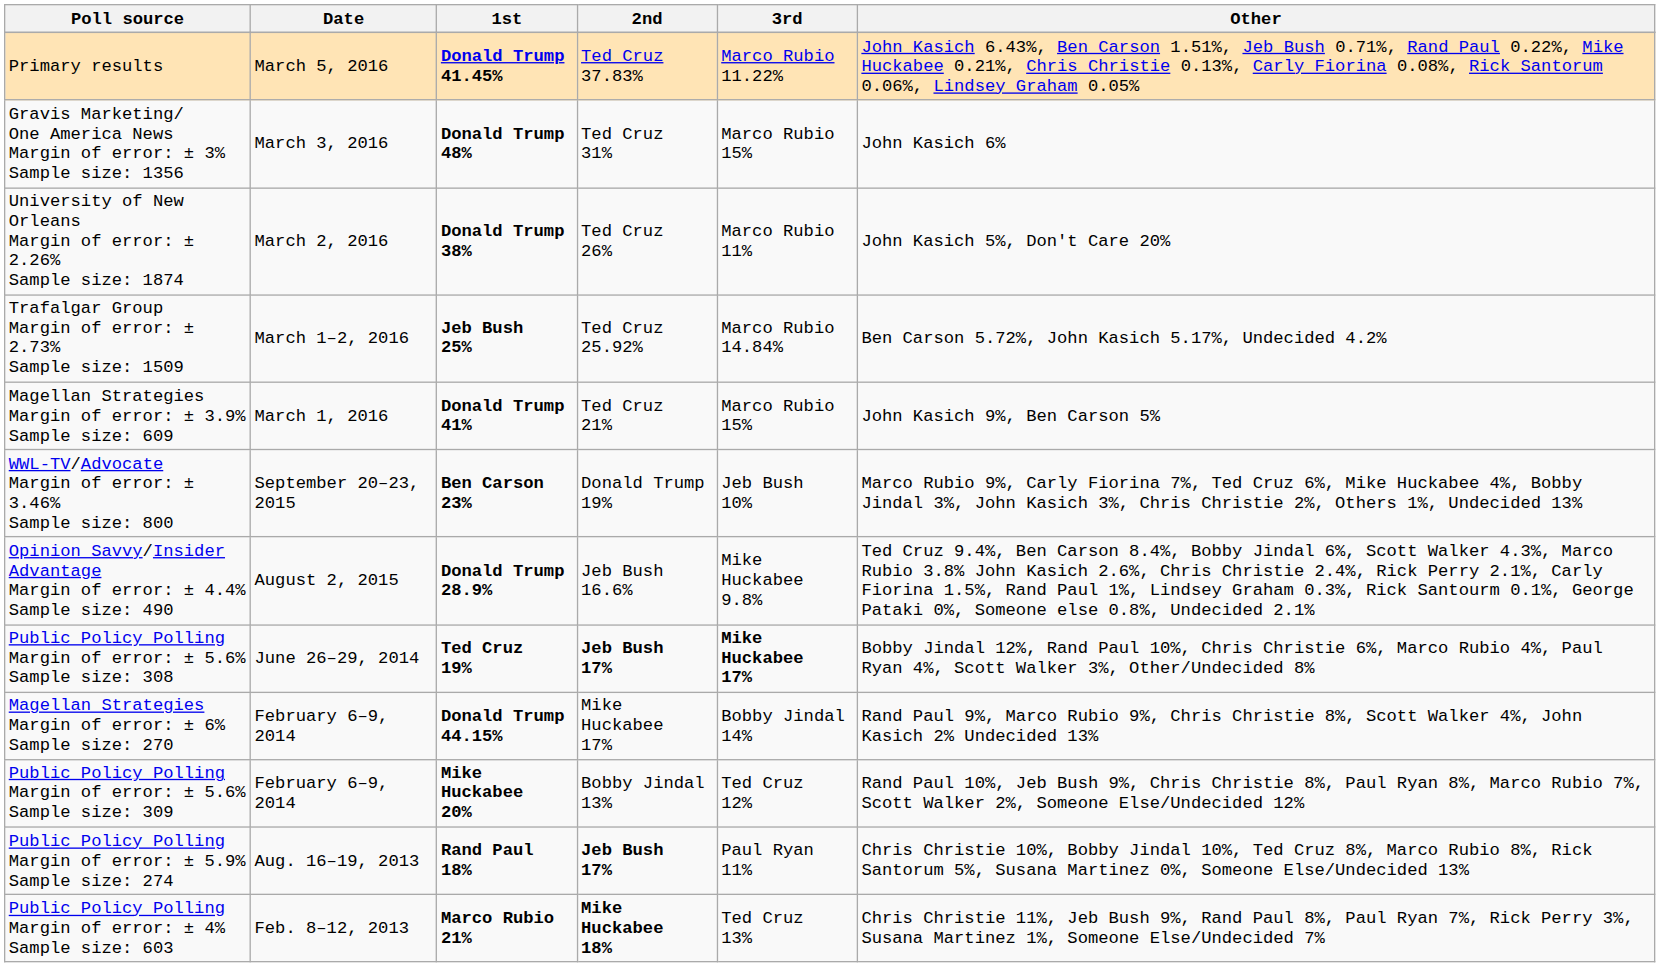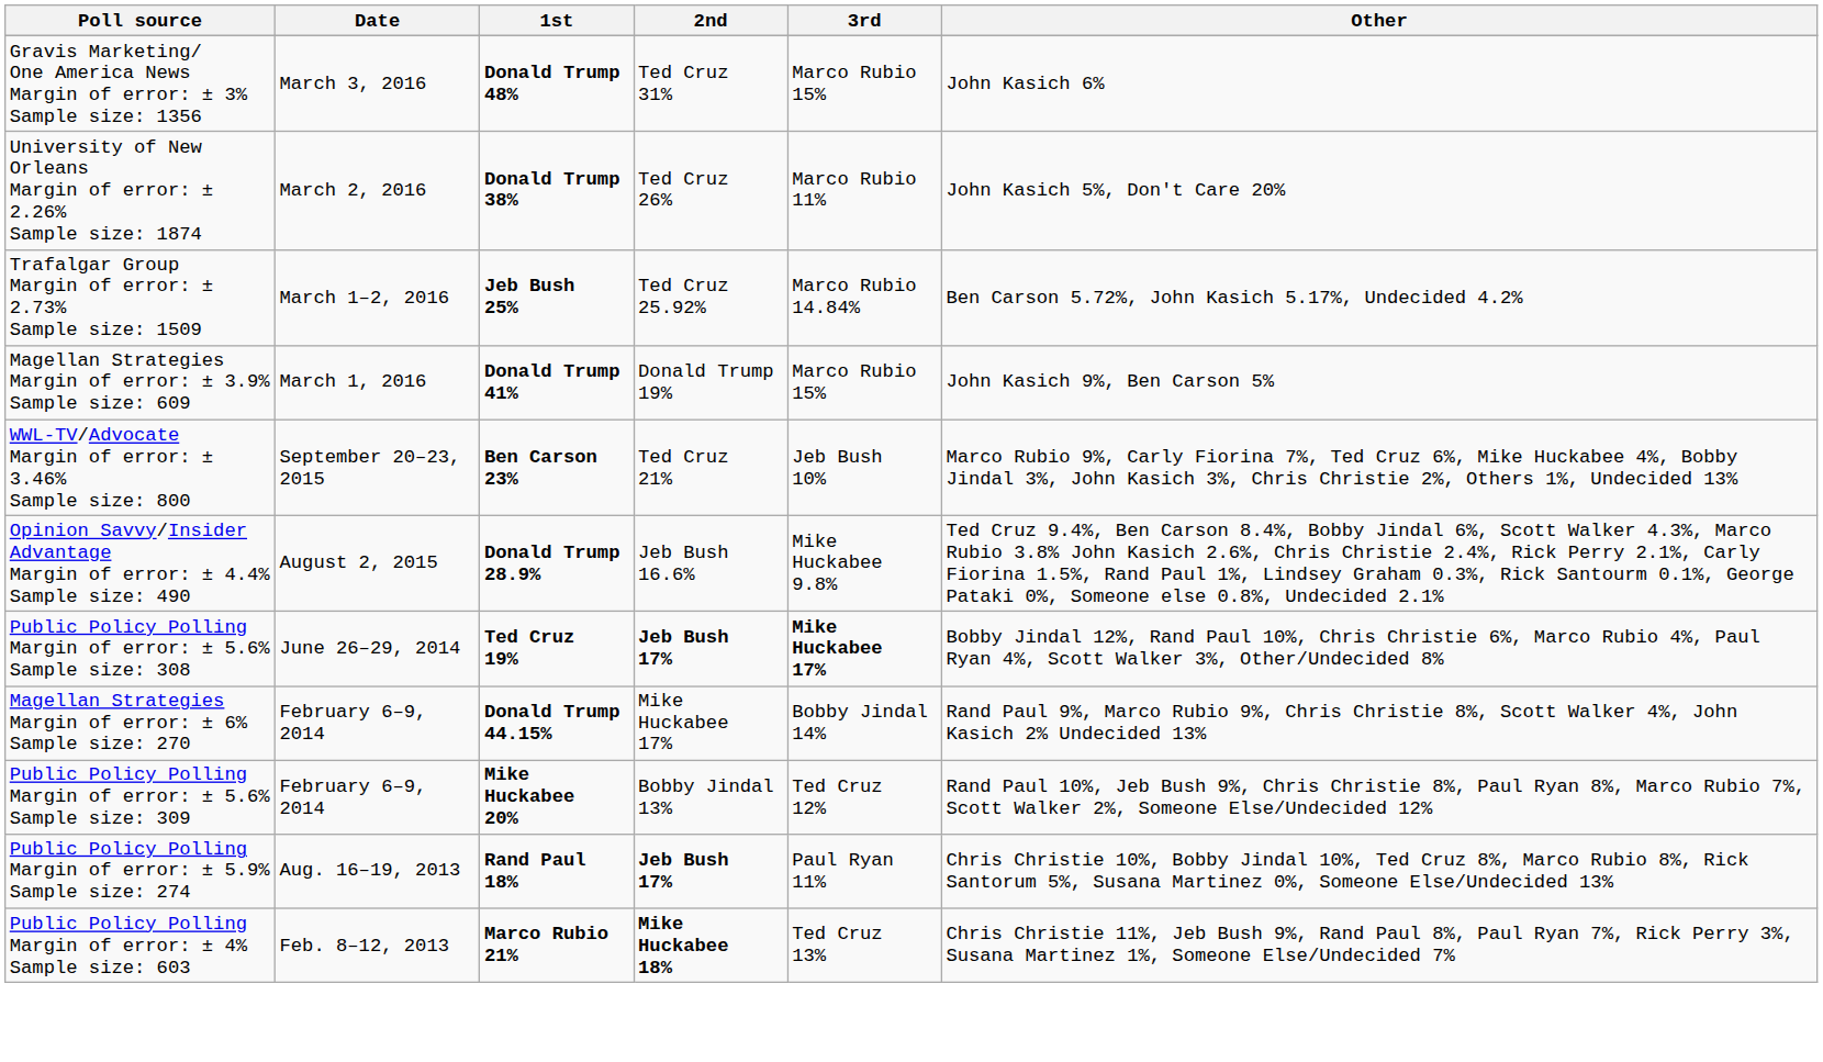 <table class="wikitable">
 <tr>
 <th style="width:180px;">Poll source</th>
 <th style="width:135px;">Date</th>
 <th style="width:100px;">1st</th>
 <th style="width:100px;">2nd</th>
 <th style="width:100px;">3rd</th>
 <th>Other</th>
 </tr>
 <tr>
-</tr>
-<tr style="background:Moccasin;">
-<td>Primary results</td>
-<td>March 5, 2016</td>
-<td><strong><a href='#'>Donald Trump</a><br>41.45%</strong></td>
-<td><a href='#'>Ted Cruz</a><br>37.83%</td>
-<td><a href='#'>Marco Rubio</a><br>11.22%</td>
-<td><a href='#'>John Kasich</a> 6.43%, <a href='#'>Ben Carson</a> 1.51%, <a href='#'>Jeb Bush</a> 0.71%, <a href='#'>Rand Paul</a> 0.22%, <a href='#'>Mike Huckabee</a> 0.21%, <a href='#'>Chris Christie</a> 0.13%, <a href='#'>Carly Fiorina</a> 0.08%, <a href='#'>Rick Santorum</a> 0.06%, <a href='#'>Lindsey Graham</a> 0.05%</td>
 </tr>
 <tr>
 <td>Gravis Marketing/<br>One America News<br>Margin of error: ± 3% <br>Sample size: 1356</td>
 <td>March 3, 2016</td>
 <td><strong>Donald Trump<br>48%</strong></td>
 <td>Ted Cruz<br>31%</td>
 <td>Marco Rubio<br>15%</td>
 <td>John Kasich 6%</td>
 </tr>
 <tr>
 <td>University of New Orleans<br>Margin of error: ± 2.26% <br>Sample size: 1874</td>
 <td>March 2, 2016</td>
 <td><strong>Donald Trump<br>38%</strong></td>
 <td>Ted Cruz<br>26%</td>
 <td>Marco Rubio<br>11%</td>
 <td>John Kasich 5%, Don't Care 20%</td>
 </tr>
 <tr>
 <td>Trafalgar Group<br>Margin of error: ± 2.73% <br>Sample size: 1509</td>
 <td>March 1–2, 2016</td>
 <td><strong>Jeb Bush<br>25%</strong></td>
 <td>Ted Cruz<br>25.92%</td>
 <td>Marco Rubio<br>14.84%</td>
 <td>Ben Carson 5.72%, John Kasich 5.17%, Undecided 4.2%</td>
 </tr>
 <tr>
 <td>Magellan Strategies<br>Margin of error: ± 3.9% <br>Sample size: 609</td>
 <td>March 1, 2016</td>
 <td><strong>Donald Trump<br>41%</strong></td>
-<td>Ted Cruz<br>21%</td>
+<td>Donald Trump 19%</td>
 <td>Marco Rubio<br>15%</td>
 <td>John Kasich 9%, Ben Carson 5%</td>
 </tr>
 <tr>
 <td><a href='#'>WWL-TV</a>/<a href='#'>Advocate</a><br>Margin of error: ± 3.46% <br>Sample size: 800</td>
 <td>September 20–23, 2015</td>
 <td><strong>Ben Carson<br>23%</strong></td>
-<td>Donald Trump 19%</td>
+<td>Ted Cruz<br>21%</td>
 <td>Jeb Bush<br>10%</td>
 <td>Marco Rubio 9%, Carly Fiorina 7%, Ted Cruz 6%, Mike Huckabee 4%, Bobby Jindal 3%, John Kasich 3%, Chris Christie 2%, Others 1%, Undecided 13%</td>
 </tr>
 <tr>
 <td><a href='#'>Opinion Savvy</a>/<a href='#'>Insider Advantage</a><br>Margin of error: ± 4.4% <br>Sample size: 490</td>
 <td>August 2, 2015</td>
 <td><strong>Donald Trump<br>28.9%</strong></td>
 <td>Jeb Bush<br>16.6%</td>
 <td>Mike Huckabee<br>9.8%</td>
 <td>Ted Cruz 9.4%, Ben Carson 8.4%, Bobby Jindal 6%, Scott Walker 4.3%, Marco Rubio 3.8% John Kasich 2.6%, Chris Christie 2.4%, Rick Perry 2.1%, Carly Fiorina 1.5%, Rand Paul 1%, Lindsey Graham 0.3%, Rick Santourm 0.1%, George Pataki 0%, Someone else 0.8%, Undecided 2.1%</td>
 </tr>
 <tr>
 <td><a href='#'>Public Policy Polling</a><br>Margin of error: ± 5.6% <br>Sample size: 308</td>
 <td>June 26–29, 2014</td>
 <td><strong>Ted Cruz<br>19%</strong></td>
 <td><strong>Jeb Bush<br>17%</strong></td>
 <td><strong>Mike Huckabee<br>17%</strong></td>
 <td>Bobby Jindal 12%, Rand Paul 10%, Chris Christie 6%, Marco Rubio 4%, Paul Ryan 4%, Scott Walker 3%, Other/Undecided 8%</td>
 </tr>
 <tr>
 <td><a href='#'>Magellan Strategies</a><br>Margin of error: ± 6% <br>Sample size: 270</td>
 <td>February 6–9, 2014</td>
 <td><strong>Donald Trump<br>44.15%</strong></td>
 <td>Mike Huckabee<br>17%</td>
 <td>Bobby Jindal<br>14%</td>
 <td>Rand Paul 9%, Marco Rubio 9%, Chris Christie 8%, Scott Walker 4%, John Kasich 2% Undecided 13%</td>
 </tr>
 <tr>
 <td><a href='#'>Public Policy Polling</a><br>Margin of error: ± 5.6% <br>Sample size: 309</td>
 <td>February 6–9, 2014</td>
 <td><strong>Mike Huckabee<br>20%</strong></td>
 <td>Bobby Jindal<br>13%</td>
 <td>Ted Cruz<br>12%</td>
 <td>Rand Paul 10%, Jeb Bush 9%, Chris Christie 8%, Paul Ryan 8%, Marco Rubio 7%, Scott Walker 2%, Someone Else/Undecided 12%</td>
 </tr>
 <tr>
 <td><a href='#'>Public Policy Polling</a><br>Margin of error: ± 5.9% <br>Sample size: 274</td>
 <td>Aug. 16–19, 2013</td>
 <td><strong>Rand Paul<br>18%</strong></td>
 <td><strong>Jeb Bush<br>17%</strong></td>
 <td>Paul Ryan<br>11%</td>
 <td>Chris Christie 10%, Bobby Jindal 10%, Ted Cruz 8%, Marco Rubio 8%, Rick Santorum 5%, Susana Martinez 0%, Someone Else/Undecided 13%</td>
 </tr>
 <tr>
 <td><a href='#'>Public Policy Polling</a><br>Margin of error: ± 4% <br>Sample size: 603</td>
 <td>Feb. 8–12, 2013</td>
 <td><strong>Marco Rubio<br>21%</strong></td>
 <td><strong>Mike Huckabee<br>18%</strong></td>
 <td>Ted Cruz<br>13%</td>
 <td>Chris Christie 11%, Jeb Bush 9%, Rand Paul 8%, Paul Ryan 7%, Rick Perry 3%, Susana Martinez 1%, Someone Else/Undecided 7%</td>
 </tr>
 </table>
